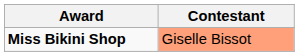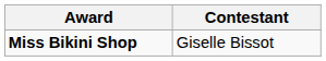 <table class="wikitable">
 <tr>
 <th width="160">Award</th>
 <th width="140">Contestant</th>
 </tr>
 <tr>
 <td><strong>Miss Bikini Shop</strong></td>
-<td style="background: lightsalmon;">Giselle Bissot </td>
+<td>Giselle Bissot </td>
 </tr>
 </table>
